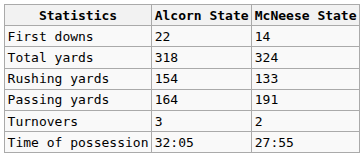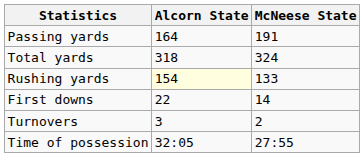 <table class="wikitable">
 <tr>
 <th>Statistics</th>
 <th>Alcorn State</th>
 <th>McNeese State</th>
 </tr>
 <tr>
-<td>First downs</td>
-<td>22</td>
-<td>14</td>
+<td>Passing yards</td>
+<td>164</td>
+<td>191</td>
 </tr>
 <tr>
 <td>Total yards</td>
 <td>318</td>
 <td>324</td>
 </tr>
 <tr>
 <td>Rushing yards</td>
-<td>154</td>
+<td style="background: lightyellow;">154</td>
 <td>133</td>
 </tr>
 <tr>
-<td>Passing yards</td>
-<td>164</td>
-<td>191</td>
+<td>First downs</td>
+<td>22</td>
+<td>14</td>
 </tr>
 <tr>
 <td>Turnovers</td>
 <td>3</td>
 <td>2</td>
 </tr>
 <tr>
 <td>Time of possession</td>
 <td>32:05</td>
 <td>27:55</td>
 </tr>
 <tr>
 </tr>
 </table>
